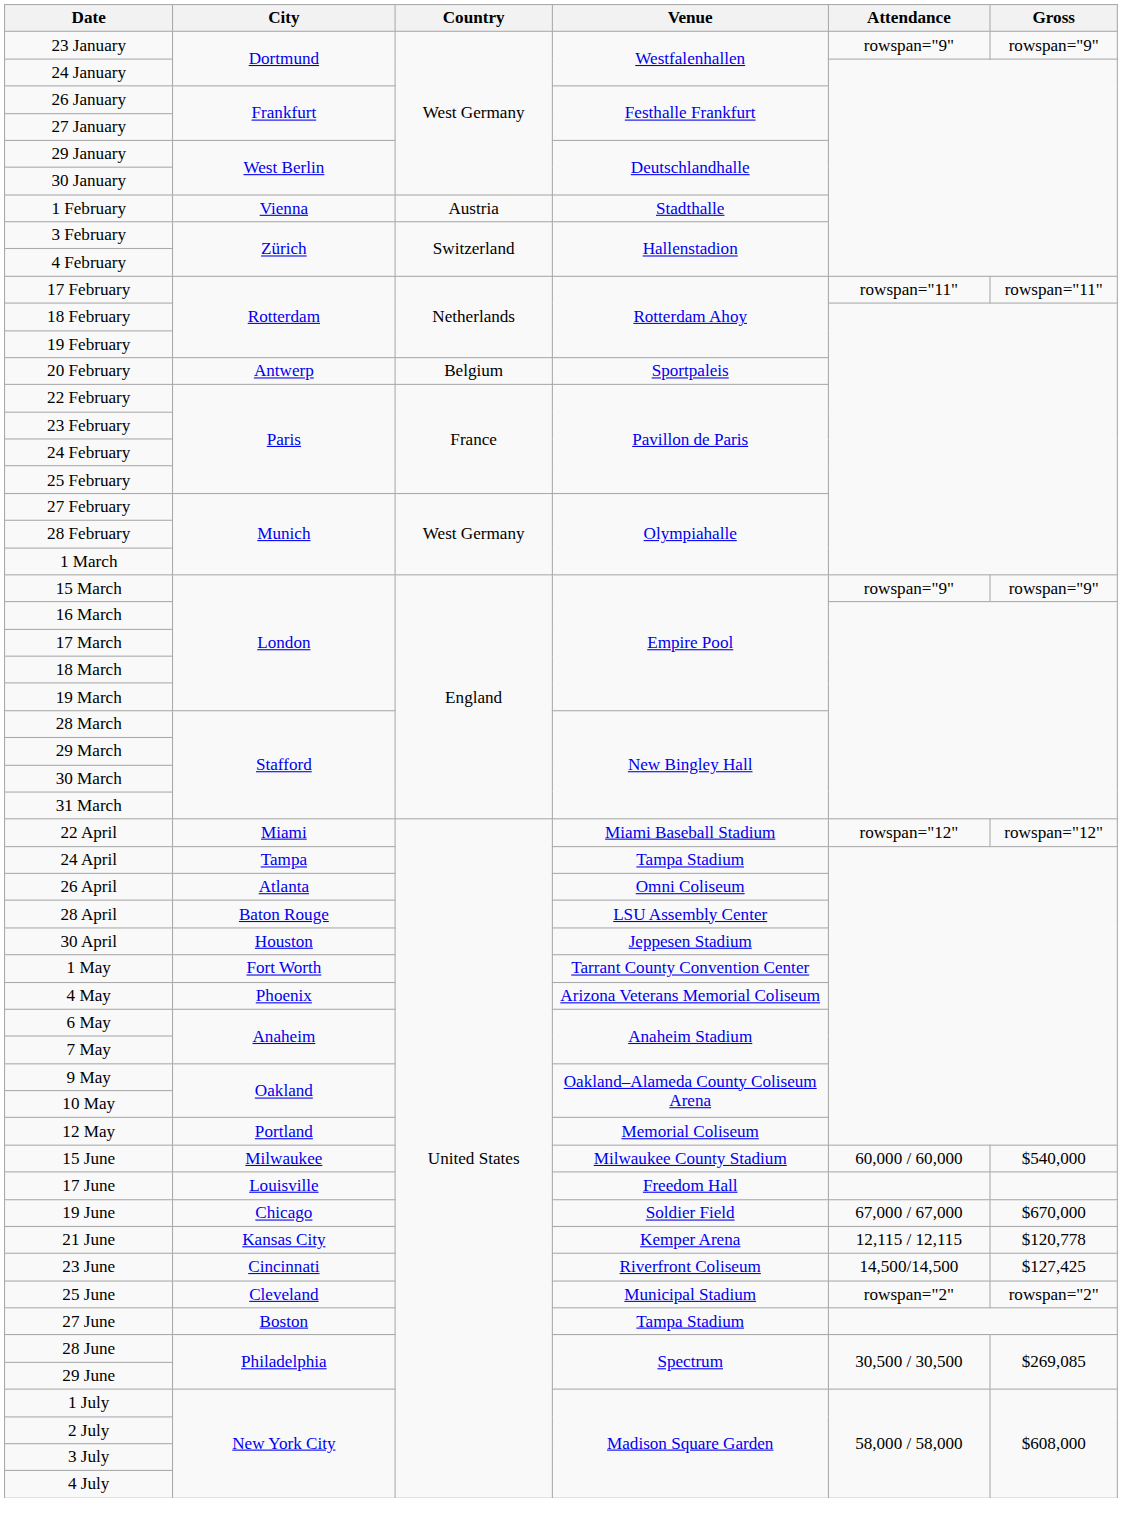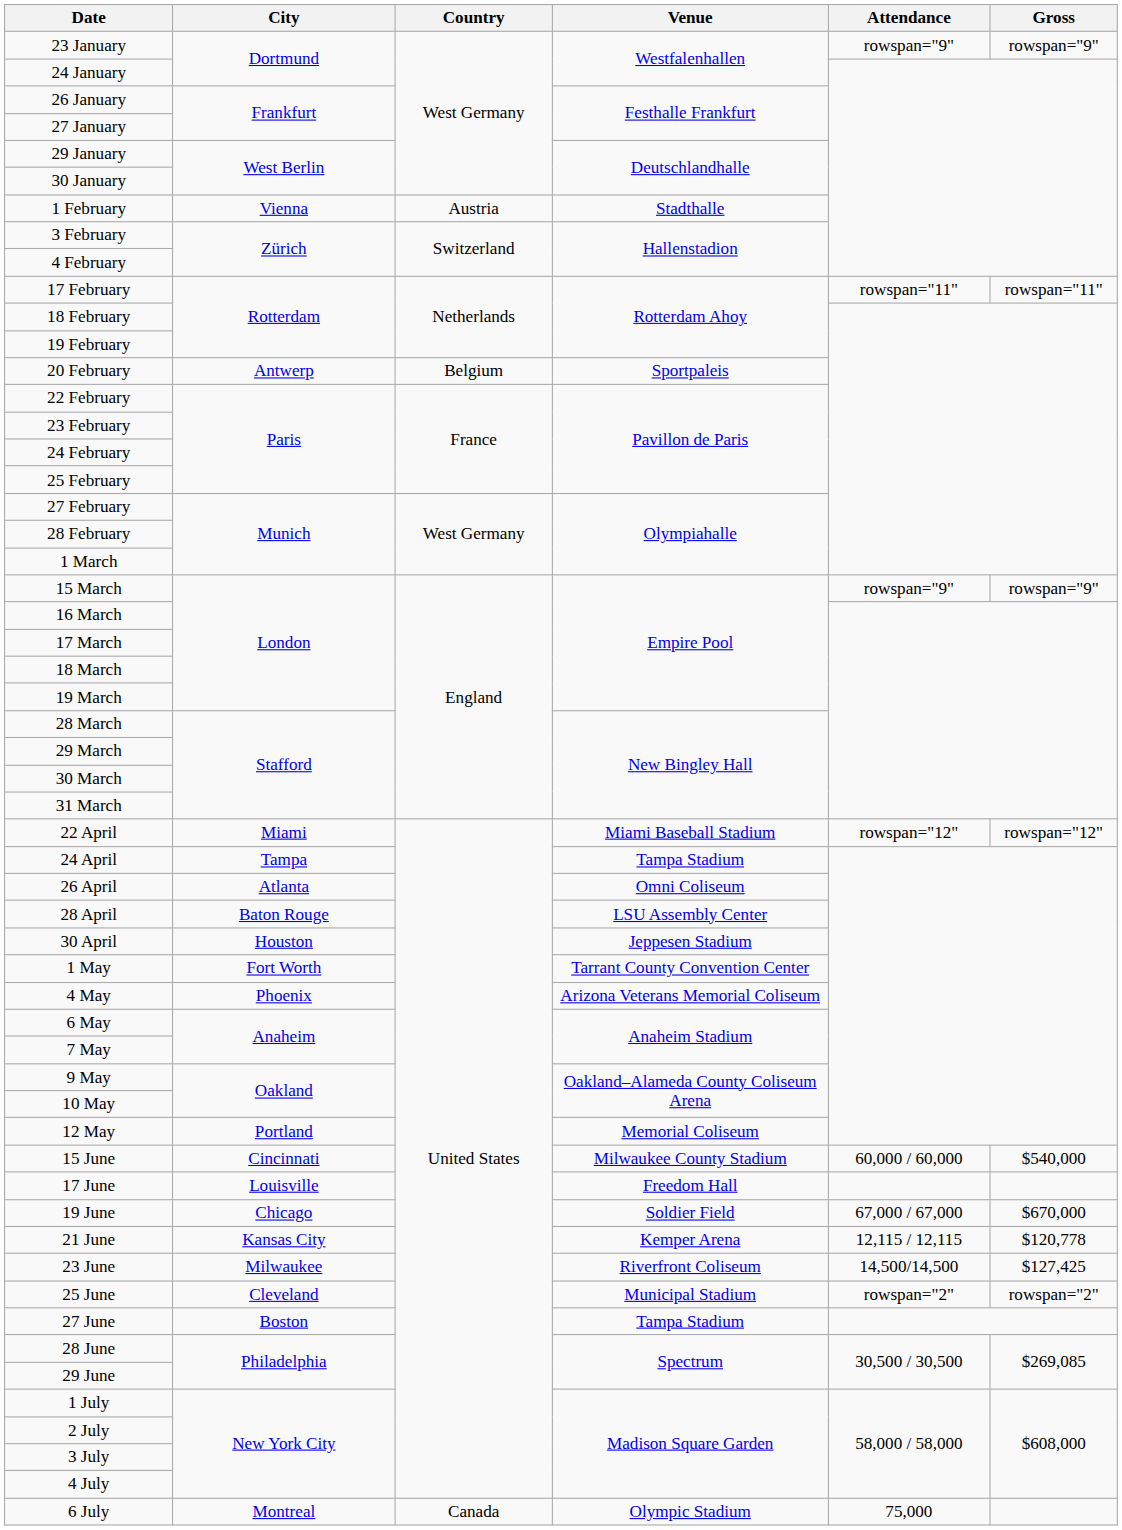 <table class="wikitable" style="text-align:center;">
 <tr>
 <th style="width:150px;">Date</th>
 <th style="width:200px;">City</th>
 <th style="width:140px;">Country</th>
 <th style="width:250px;">Venue</th>
 <th scope="col" style="width:9em;">Attendance</th>
 <th scope="col" style="width:7em;">Gross</th>
 </tr>
 <tr>
 <td>23 January</td>
 <td rowspan="2"><a href='#'>Dortmund</a></td>
 <td rowspan="6">West Germany</td>
 <td rowspan="2"><a href='#'>Westfalenhallen</a></td>
 <td>rowspan="9" </td>
 <td>rowspan="9" </td>
 </tr>
 <tr>
 <td>24 January</td>
 </tr>
 <tr>
 <td>26 January</td>
 <td rowspan="2"><a href='#'>Frankfurt</a></td>
 <td rowspan="2"><a href='#'>Festhalle Frankfurt</a></td>
 </tr>
 <tr>
 <td>27 January</td>
 </tr>
 <tr>
 <td>29 January</td>
 <td rowspan="2"><a href='#'>West Berlin</a></td>
 <td rowspan="2"><a href='#'>Deutschlandhalle</a></td>
 </tr>
 <tr>
 <td>30 January</td>
 </tr>
 <tr>
 <td>1 February</td>
 <td><a href='#'>Vienna</a></td>
 <td>Austria</td>
 <td><a href='#'>Stadthalle</a></td>
 </tr>
 <tr>
 <td>3 February</td>
 <td rowspan="2"><a href='#'>Zürich</a></td>
 <td rowspan="2">Switzerland</td>
 <td rowspan="2"><a href='#'>Hallenstadion</a></td>
 </tr>
 <tr>
 <td>4 February</td>
 </tr>
 <tr>
 <td>17 February</td>
 <td rowspan="3"><a href='#'>Rotterdam</a></td>
 <td rowspan="3">Netherlands</td>
 <td rowspan="3"><a href='#'>Rotterdam Ahoy</a></td>
 <td>rowspan="11" </td>
 <td>rowspan="11" </td>
 </tr>
 <tr>
 <td>18 February</td>
 </tr>
 <tr>
 <td>19 February</td>
 </tr>
 <tr>
 <td>20 February</td>
 <td><a href='#'>Antwerp</a></td>
 <td>Belgium</td>
 <td><a href='#'>Sportpaleis</a></td>
 </tr>
 <tr>
 <td>22 February</td>
 <td rowspan="4"><a href='#'>Paris</a></td>
 <td rowspan="4">France</td>
 <td rowspan="4"><a href='#'>Pavillon de Paris</a></td>
 </tr>
 <tr>
 <td>23 February</td>
 </tr>
 <tr>
 <td>24 February</td>
 </tr>
 <tr>
 <td>25 February</td>
 </tr>
 <tr>
 <td>27 February</td>
 <td rowspan="3"><a href='#'>Munich</a></td>
 <td rowspan="3">West Germany</td>
 <td rowspan="3"><a href='#'>Olympiahalle</a></td>
 </tr>
 <tr>
 <td>28 February</td>
 </tr>
 <tr>
 <td>1 March</td>
 </tr>
 <tr>
 <td>15 March</td>
 <td rowspan="5"><a href='#'>London</a></td>
 <td rowspan="9">England</td>
 <td rowspan="5"><a href='#'>Empire Pool</a></td>
 <td>rowspan="9" </td>
 <td>rowspan="9" </td>
 </tr>
 <tr>
 <td>16 March</td>
 </tr>
 <tr>
 <td>17 March</td>
 </tr>
 <tr>
 <td>18 March</td>
 </tr>
 <tr>
 <td>19 March</td>
 </tr>
 <tr>
 <td>28 March</td>
 <td rowspan="4"><a href='#'>Stafford</a></td>
 <td rowspan="4"><a href='#'>New Bingley Hall</a></td>
 </tr>
 <tr>
 <td>29 March</td>
 </tr>
 <tr>
 <td>30 March</td>
 </tr>
 <tr>
 <td>31 March</td>
 </tr>
 <tr>
 <td>22 April</td>
 <td><a href='#'>Miami</a></td>
 <td rowspan="25">United States</td>
 <td><a href='#'>Miami Baseball Stadium</a></td>
 <td>rowspan="12" </td>
 <td>rowspan="12" </td>
 </tr>
 <tr>
 <td>24 April</td>
 <td><a href='#'>Tampa</a></td>
 <td><a href='#'>Tampa Stadium</a></td>
 </tr>
 <tr>
 <td>26 April</td>
 <td><a href='#'>Atlanta</a></td>
 <td><a href='#'>Omni Coliseum</a></td>
 </tr>
 <tr>
 <td>28 April</td>
 <td><a href='#'>Baton Rouge</a></td>
 <td><a href='#'>LSU Assembly Center</a></td>
 </tr>
 <tr>
 <td>30 April</td>
 <td><a href='#'>Houston</a></td>
 <td><a href='#'>Jeppesen Stadium</a></td>
 </tr>
 <tr>
 <td>1 May</td>
 <td><a href='#'>Fort Worth</a></td>
 <td><a href='#'>Tarrant County Convention Center</a></td>
 </tr>
 <tr>
 <td>4 May</td>
 <td><a href='#'>Phoenix</a></td>
 <td><a href='#'>Arizona Veterans Memorial Coliseum</a></td>
 </tr>
 <tr>
 <td>6 May</td>
 <td rowspan="2"><a href='#'>Anaheim</a></td>
 <td rowspan="2"><a href='#'>Anaheim Stadium</a></td>
 </tr>
 <tr>
 <td>7 May</td>
 </tr>
 <tr>
 <td>9 May</td>
 <td rowspan="2"><a href='#'>Oakland</a></td>
 <td rowspan="2"><a href='#'>Oakland–Alameda County Coliseum Arena</a></td>
 </tr>
 <tr>
 <td>10 May</td>
 </tr>
 <tr>
 <td>12 May</td>
 <td><a href='#'>Portland</a></td>
 <td><a href='#'>Memorial Coliseum</a></td>
 </tr>
 <tr>
 <td>15 June</td>
-<td><a href='#'>Milwaukee</a></td>
+<td><a href='#'>Cincinnati</a></td>
 <td><a href='#'>Milwaukee County Stadium</a></td>
 <td>60,000 / 60,000</td>
 <td>$540,000</td>
 </tr>
 <tr>
 <td>17 June</td>
 <td><a href='#'>Louisville</a></td>
 <td><a href='#'>Freedom Hall</a></td>
 <td></td>
 <td></td>
 </tr>
 <tr>
 <td>19 June</td>
 <td><a href='#'>Chicago</a></td>
 <td><a href='#'>Soldier Field</a></td>
 <td>67,000 / 67,000</td>
 <td>$670,000</td>
 </tr>
 <tr>
 <td>21 June</td>
 <td><a href='#'>Kansas City</a></td>
 <td><a href='#'>Kemper Arena</a></td>
 <td>12,115 / 12,115</td>
 <td>$120,778</td>
 </tr>
 <tr>
 <td>23 June</td>
-<td><a href='#'>Cincinnati</a></td>
+<td><a href='#'>Milwaukee</a></td>
 <td><a href='#'>Riverfront Coliseum</a></td>
 <td>14,500/14,500</td>
 <td>$127,425</td>
 </tr>
 <tr>
 <td>25 June</td>
 <td><a href='#'>Cleveland</a></td>
 <td><a href='#'>Municipal Stadium</a></td>
 <td>rowspan="2" </td>
 <td>rowspan="2" </td>
 </tr>
 <tr>
 <td>27 June</td>
 <td><a href='#'>Boston</a></td>
 <td><a href='#'>Tampa Stadium</a></td>
 </tr>
 <tr>
 <td>28 June</td>
 <td rowspan="2"><a href='#'>Philadelphia</a></td>
 <td rowspan="2"><a href='#'>Spectrum</a></td>
 <td rowspan="2">30,500 / 30,500</td>
 <td rowspan="2">$269,085</td>
 </tr>
 <tr>
 <td>29 June</td>
 </tr>
 <tr>
 <td>1 July</td>
 <td rowspan="4"><a href='#'>New York City</a></td>
 <td rowspan="4"><a href='#'>Madison Square Garden</a></td>
 <td rowspan="4">58,000 / 58,000</td>
 <td rowspan="4">$608,000</td>
 </tr>
 <tr>
 <td>2 July</td>
 </tr>
 <tr>
 <td>3 July</td>
 </tr>
 <tr>
 <td>4 July</td>
 </tr>
+<tr>
+<td>6 July</td>
+<td><a href='#'>Montreal</a></td>
+<td>Canada</td>
+<td><a href='#'>Olympic Stadium</a></td>
+<td>75,000</td>
+<td></td>
+</tr>
 </table>
